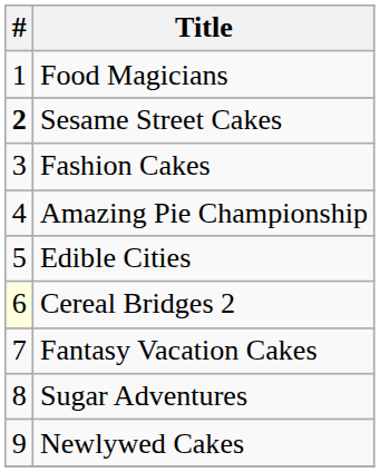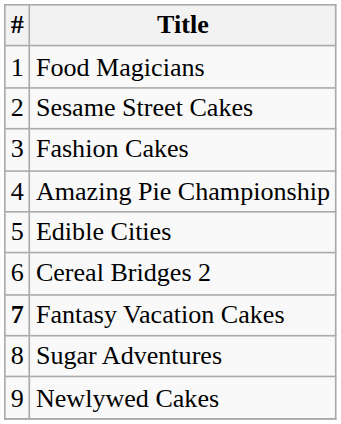 <table class="wikitable">
 <tr>
 <th>#</th>
 <th>Title</th>
 </tr>
 <tr>
 <td>1</td>
 <td>Food Magicians</td>
 </tr>
 <tr>
-<td><strong>2</strong></td>
+<td>2</td>
 <td>Sesame Street Cakes</td>
 </tr>
 <tr>
 <td>3</td>
 <td>Fashion Cakes</td>
 </tr>
 <tr>
 <td>4</td>
 <td>Amazing Pie Championship</td>
 </tr>
 <tr>
 <td>5</td>
 <td>Edible Cities</td>
 </tr>
 <tr>
-<td style="background: lightyellow;">6</td>
+<td>6</td>
 <td>Cereal Bridges 2</td>
 </tr>
 <tr>
-<td>7</td>
+<td><strong>7</strong></td>
 <td>Fantasy Vacation Cakes</td>
 </tr>
 <tr>
 <td>8</td>
 <td>Sugar Adventures</td>
 </tr>
 <tr>
 <td>9</td>
 <td>Newlywed Cakes</td>
 </tr>
 <tr>
 </tr>
 </table>
